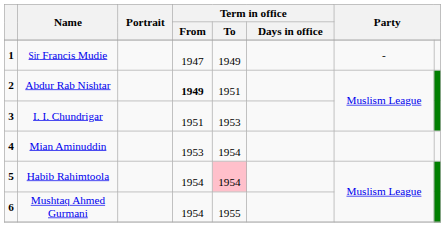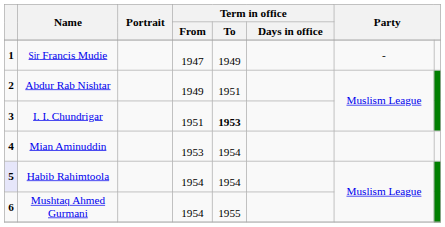 <table class="wikitable sortable" style="width:100%; text-align:center">
 <tr>
 <th rowspan="2" scope="col"></th>
 <th rowspan="2" style="width:23%;" scope="col">Name</th>
 <th rowspan="2" scope="col">Portrait</th>
 <th colspan="3">Term in office</th>
 <th rowspan="2" colspan="2" scope="col">Party</th>
 </tr>
 <tr>
 <th>From</th>
 <th>To</th>
 <th>Days in office</th>
 </tr>
 <tr align="center">
 </tr>
 <tr>
 <td><strong>1</strong></td>
 <td><a href='#'><small>Sir</small> Francis Mudie</a></td>
 <td></td>
 <td><br>1947</td>
 <td><br>1949</td>
 <td></td>
 <td>-</td>
 <td></td>
 </tr>
 <tr>
 <td><strong>2</strong></td>
 <td><a href='#'>Abdur Rab Nishtar</a></td>
 <td></td>
-<td><strong><br>1949</strong></td>
+<td><br>1949</td>
 <td><br>1951</td>
 <td></td>
 <td rowspan="2"><a href='#'>Muslism League</a></td>
 <td rowspan="2" style="background-color: #008000;"></td>
 </tr>
 <tr>
 <td><strong>3</strong></td>
 <td><a href='#'>I. I. Chundrigar</a></td>
 <td></td>
 <td><br>1951</td>
-<td><br>1953</td>
+<td><strong><br>1953</strong></td>
 <td></td>
 </tr>
 <tr>
 <td><strong>4</strong></td>
 <td><a href='#'>Mian Aminuddin</a></td>
 <td></td>
 <td><br>1953</td>
 <td><br>1954</td>
 <td></td>
 <td></td>
 <td></td>
 </tr>
 <tr>
-<td><strong>5</strong></td>
+<td style="background: lavender;"><strong>5</strong></td>
 <td><a href='#'>Habib Rahimtoola</a></td>
 <td></td>
 <td><br>1954</td>
-<td style="background: pink;"><br>1954</td>
+<td><br>1954</td>
 <td></td>
 <td rowspan="2"><a href='#'>Muslism League</a></td>
 <td rowspan="2" style="background-color: #008000;"></td>
 </tr>
 <tr>
 <td><strong>6</strong></td>
 <td><a href='#'>Mushtaq Ahmed Gurmani</a></td>
 <td></td>
 <td><br>1954</td>
 <td><br>1955</td>
 <td></td>
 </tr>
 <tr>
 </tr>
 </table>
